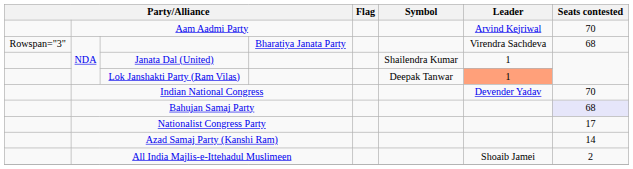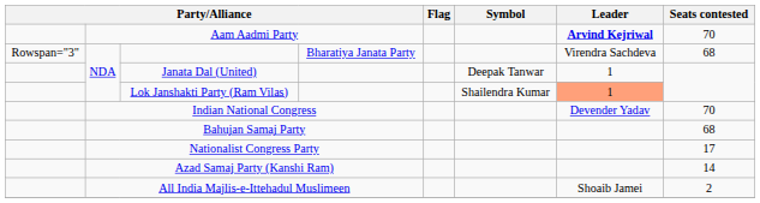 <table class="wikitable" width="50%" style="text-align:center;">
 <tr>
 <th colspan="4">Party/Alliance</th>
 <th>Flag</th>
 <th>Symbol</th>
 <th>Leader</th>
 <th>Seats contested</th>
 </tr>
 <tr>
 <td></td>
 <td colspan="3"><a href='#'>Aam Aadmi Party</a></td>
 <td></td>
 <td></td>
-<td><a href='#'>Arvind Kejriwal</a></td>
+<td><strong><a href='#'>Arvind Kejriwal</a></strong></td>
 <td>70</td>
 </tr>
 <tr>
 <td>Rowspan="3"</td>
 <td Rowspan="3"><a href='#'>NDA</a></td>
 <td></td>
 <td><a href='#'>Bharatiya Janata Party</a></td>
 <td></td>
 <td></td>
 <td>Virendra Sachdeva</td>
 <td>68</td>
 </tr>
 <tr>
 <td></td>
 <td><a href='#'>Janata Dal (United)</a></td>
 <td></td>
 <td></td>
-<td>Shailendra Kumar</td>
+<td>Deepak Tanwar</td>
 <td>1</td>
 </tr>
 <tr>
 <td></td>
 <td><a href='#'>Lok Janshakti Party (Ram Vilas)</a></td>
 <td></td>
 <td></td>
-<td>Deepak Tanwar</td>
+<td>Shailendra Kumar</td>
 <td style="background: lightsalmon;">1</td>
 </tr>
 <tr>
 <td></td>
 <td colspan="3"><a href='#'>Indian National Congress</a></td>
 <td></td>
 <td></td>
 <td><a href='#'>Devender Yadav</a></td>
 <td>70</td>
 </tr>
 <tr>
 <td style="text-align:center; background:"></td>
 <td colspan="3"><a href='#'>Bahujan Samaj Party</a></td>
 <td></td>
 <td></td>
 <td style="text-align:center"></td>
-<td style="background: lavender;">68</td>
+<td>68</td>
 </tr>
 <tr>
 <td></td>
 <td colspan="3"><a href='#'>Nationalist Congress Party</a></td>
 <td></td>
 <td></td>
 <td></td>
 <td>17</td>
 </tr>
 <tr>
 <td style="text-align:center; background:"></td>
 <td colspan="3"><a href='#'>Azad Samaj Party (Kanshi Ram)</a></td>
 <td></td>
 <td></td>
 <td></td>
 <td>14</td>
 </tr>
 <tr>
 <td style="text-align:center; background:"></td>
 <td colspan="3"><a href='#'>All India Majlis-e-Ittehadul Muslimeen</a></td>
 <td></td>
 <td></td>
 <td>Shoaib Jamei</td>
 <td>2</td>
 </tr>
 <tr>
 </tr>
 </table>
